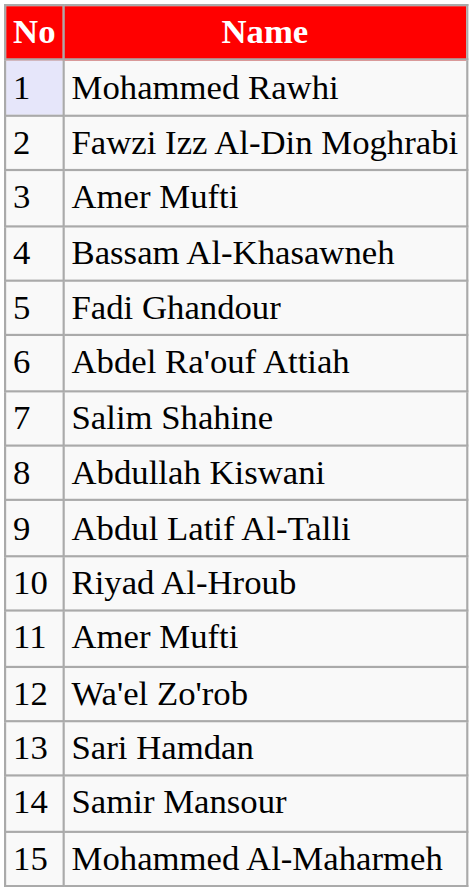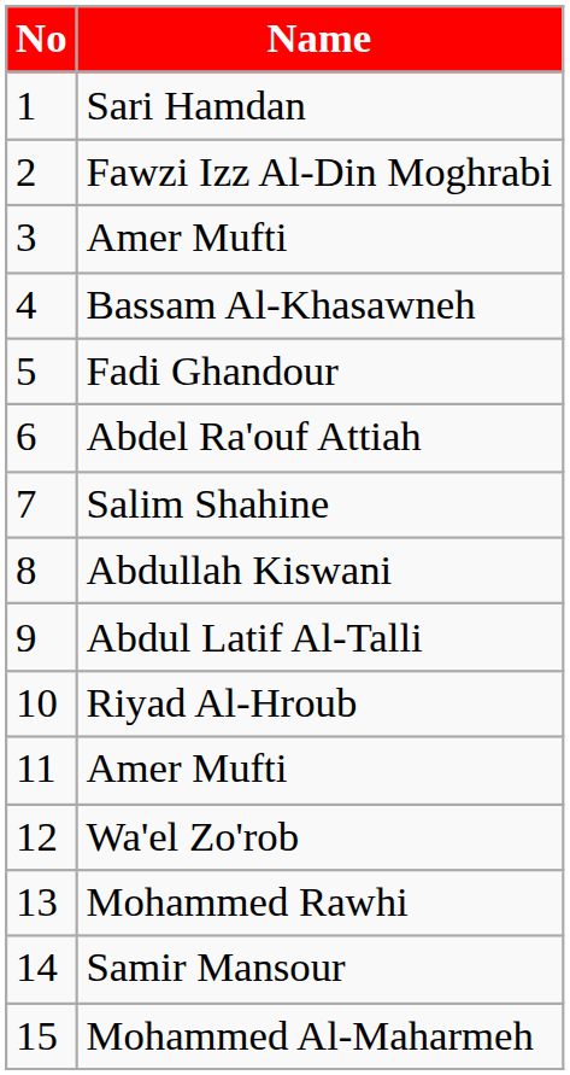 <table class="wikitable">
 <tr>
 <th style="color:#FFFFFF; background:red;">No</th>
 <th style="color:#FFFFFF; background:red;">Name</th>
 </tr>
 <tr>
-<td style="background: lavender;">1</td>
-<td align=left> Mohammed Rawhi</td>
+<td>1</td>
+<td align=left> Sari Hamdan</td>
 </tr>
 <tr>
 <td>2</td>
 <td align=left> Fawzi Izz Al-Din Moghrabi</td>
 </tr>
 <tr>
 <td>3</td>
 <td align=Left> Amer Mufti</td>
 </tr>
 <tr>
 <td>4</td>
 <td align=Left> Bassam Al-Khasawneh</td>
 </tr>
 <tr>
 <td>5</td>
 <td align=left> Fadi Ghandour</td>
 </tr>
 <tr>
 <td>6</td>
 <td align=left> Abdel Ra'ouf Attiah</td>
 </tr>
 <tr>
 <td>7</td>
 <td align=left> Salim Shahine</td>
 </tr>
 <tr>
 <td>8</td>
 <td align=left> Abdullah Kiswani</td>
 </tr>
 <tr>
 <td>9</td>
 <td align=left> Abdul Latif Al-Talli</td>
 </tr>
 <tr>
 <td>10</td>
 <td align=left> Riyad Al-Hroub</td>
 </tr>
 <tr>
 <td>11</td>
 <td align=left> Amer Mufti</td>
 </tr>
 <tr>
 <td>12</td>
 <td align=left> Wa'el Zo'rob</td>
 </tr>
 <tr>
 <td>13</td>
-<td align=left> Sari Hamdan</td>
+<td align=left> Mohammed Rawhi</td>
 </tr>
 <tr>
 <td>14</td>
 <td align=left> Samir Mansour</td>
 </tr>
 <tr>
 <td>15</td>
 <td align=left> Mohammed Al-Maharmeh</td>
 </tr>
 </table>
